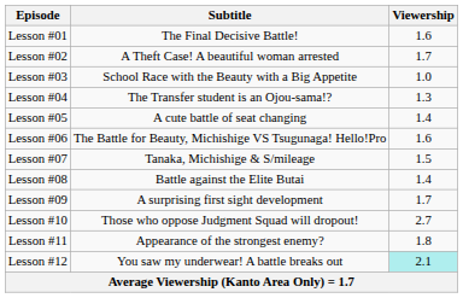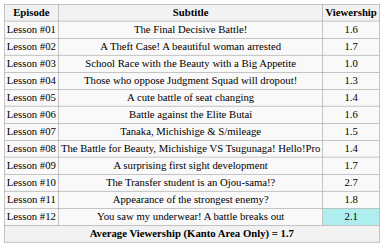 <table class="wikitable" style="text-align:center">
 <tr>
 <th>Episode</th>
 <th>Subtitle</th>
 <th>Viewership</th>
 </tr>
 <tr>
 <td>Lesson #01</td>
 <td>The Final Decisive Battle!</td>
 <td>1.6</td>
 </tr>
 <tr>
 <td>Lesson #02</td>
 <td>A Theft Case! A beautiful woman arrested</td>
 <td>1.7</td>
 </tr>
 <tr>
 <td>Lesson #03</td>
 <td>School Race with the Beauty with a Big Appetite</td>
 <td>1.0</td>
 </tr>
 <tr>
 <td>Lesson #04</td>
-<td>The Transfer student is an Ojou-sama!?</td>
+<td>Those who oppose Judgment Squad will dropout!</td>
 <td>1.3</td>
 </tr>
 <tr>
 <td>Lesson #05</td>
 <td>A cute battle of seat changing</td>
 <td>1.4</td>
 </tr>
 <tr>
 <td>Lesson #06</td>
-<td>The Battle for Beauty, Michishige VS Tsugunaga! Hello!Pro</td>
+<td>Battle against the Elite Butai</td>
 <td>1.6</td>
 </tr>
 <tr>
 <td>Lesson #07</td>
 <td>Tanaka, Michishige & S/mileage</td>
 <td>1.5</td>
 </tr>
 <tr>
 <td>Lesson #08</td>
-<td>Battle against the Elite Butai</td>
+<td>The Battle for Beauty, Michishige VS Tsugunaga! Hello!Pro</td>
 <td>1.4</td>
 </tr>
 <tr>
 <td>Lesson #09</td>
 <td>A surprising first sight development</td>
 <td>1.7</td>
 </tr>
 <tr>
 <td>Lesson #10</td>
-<td>Those who oppose Judgment Squad will dropout!</td>
+<td>The Transfer student is an Ojou-sama!?</td>
 <td>2.7</td>
 </tr>
 <tr>
 <td>Lesson #11</td>
 <td>Appearance of the strongest enemy?</td>
 <td>1.8</td>
 </tr>
 <tr>
 <td>Lesson #12</td>
 <td>You saw my underwear! A battle breaks out</td>
 <td style="background: paleturquoise;">2.1</td>
 </tr>
 <tr>
 <th colspan="3">Average Viewership (Kanto Area Only) = 1.7</th>
 </tr>
 </table>
